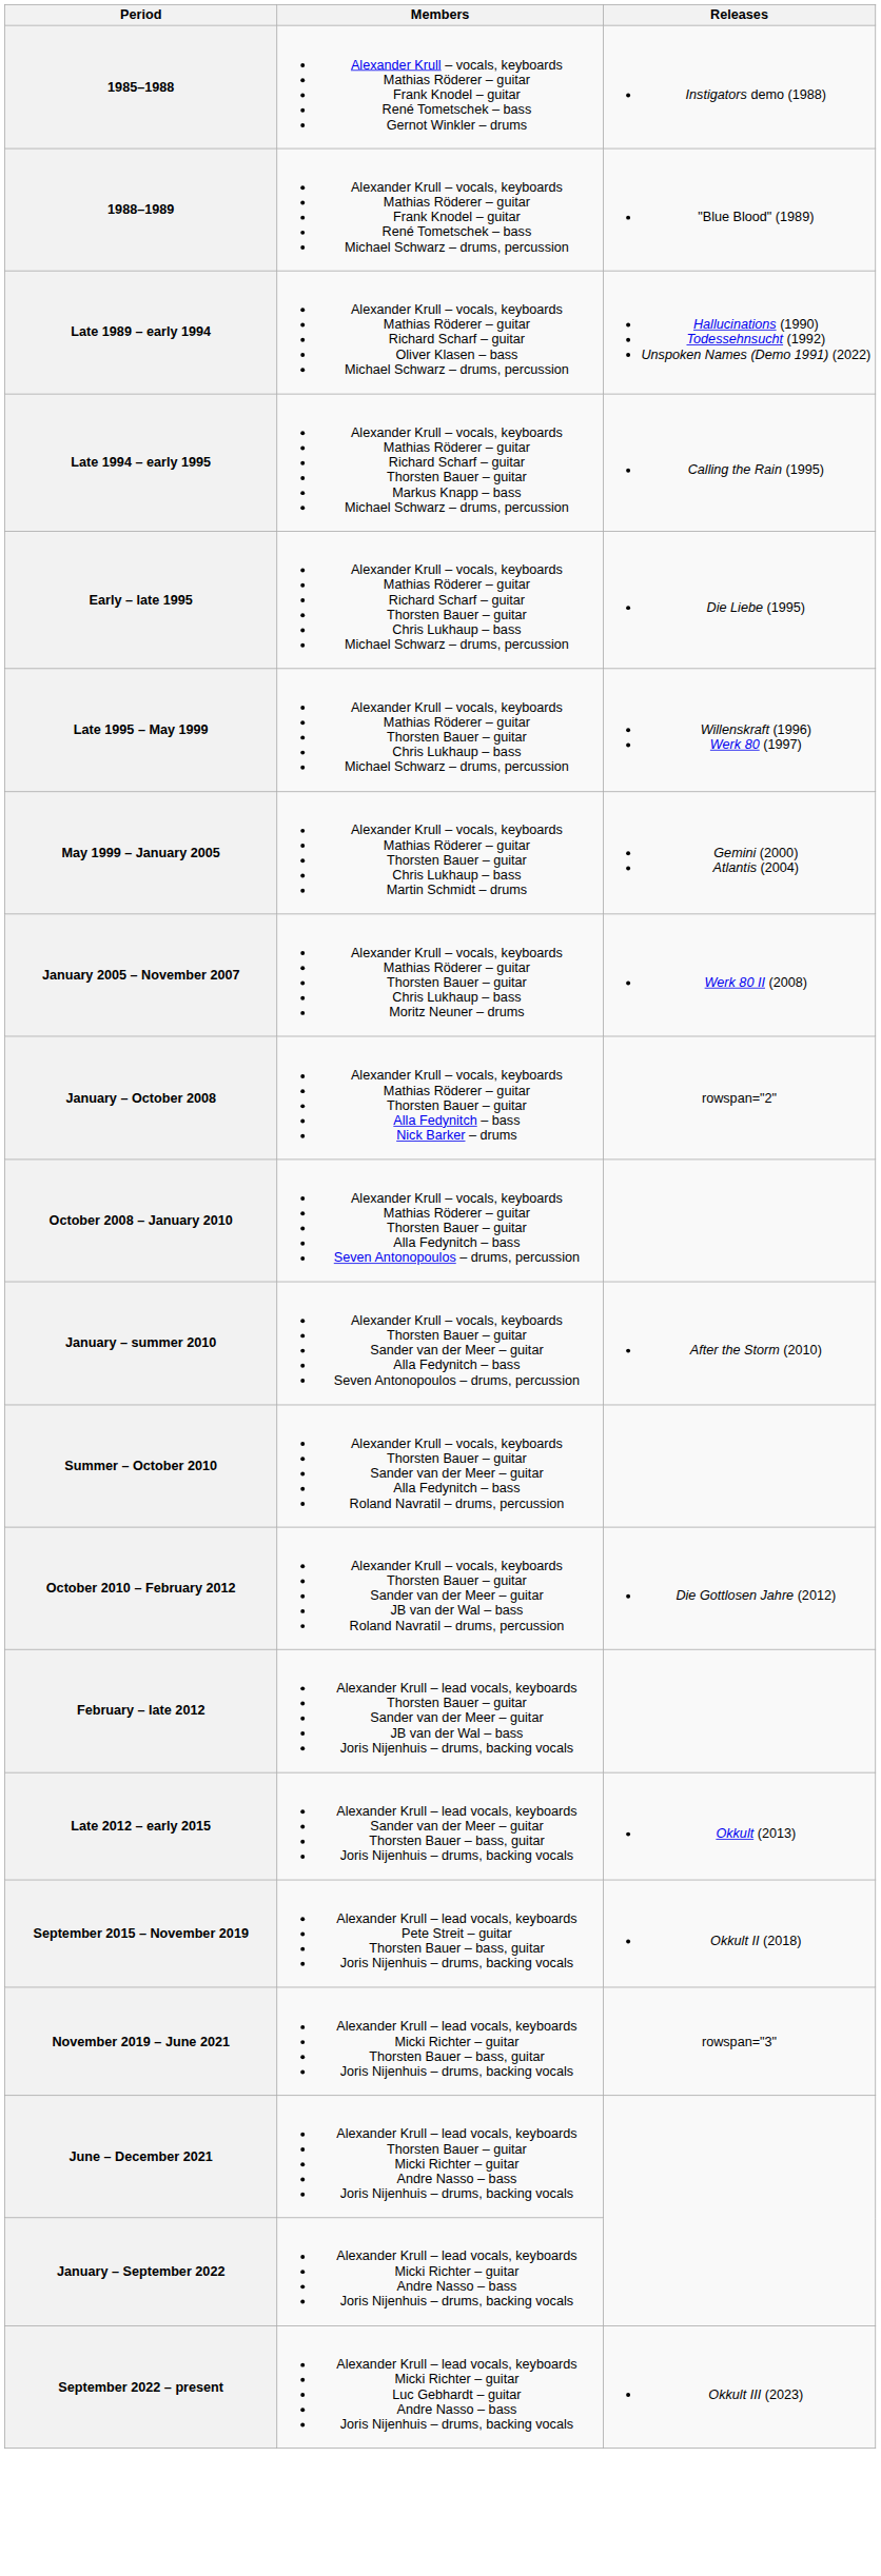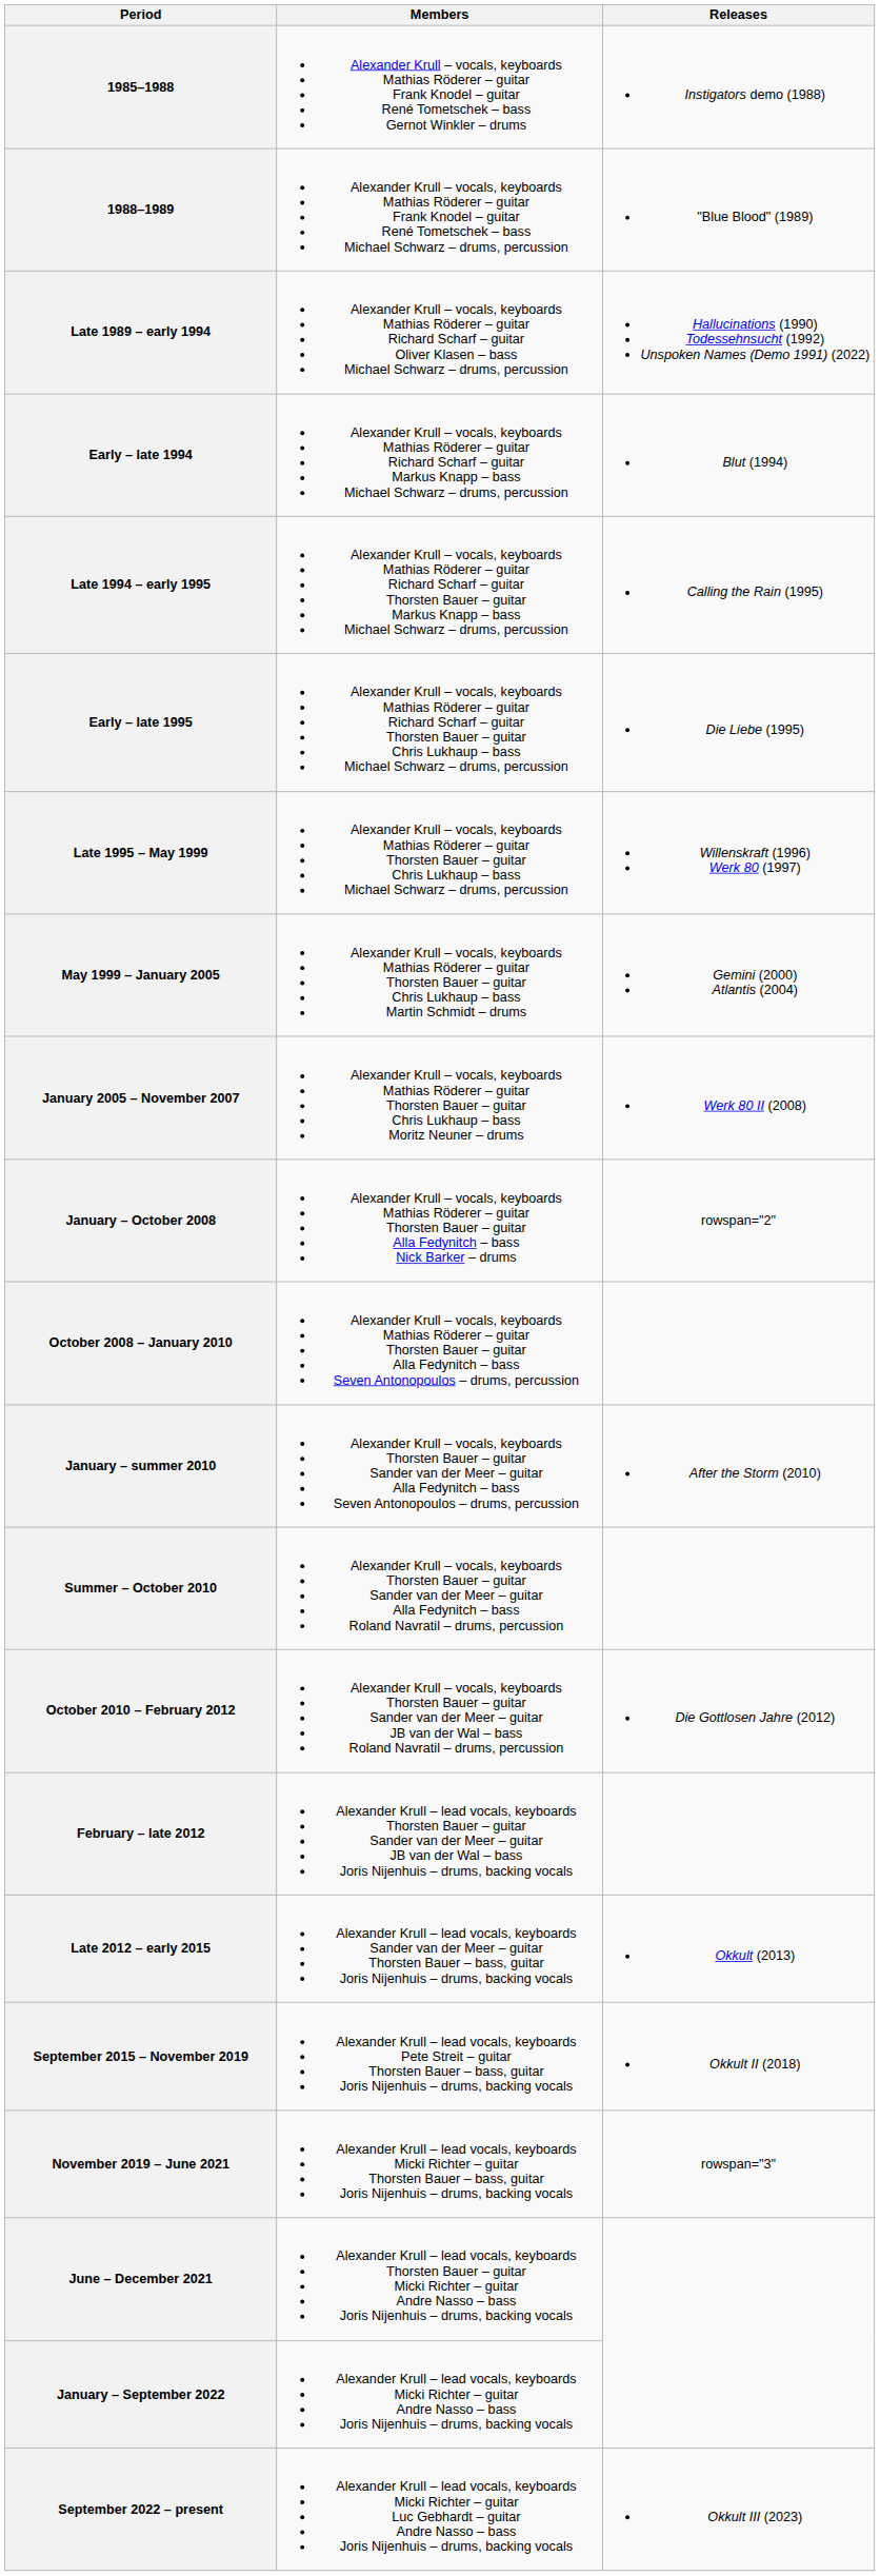 <table class="wikitable plainrowheaders" style="text-align:center;">
 <tr>
 <th scope="col" style="width:20em;">Period</th>
 <th scope="col" style="width:24em;">Members</th>
 <th scope="col" style="width:20em;">Releases</th>
 </tr>
 <tr>
 <th scope="col">1985–1988</th>
 <td><br><ul><li><a href='#'>Alexander Krull</a> – vocals, keyboards</li><li>Mathias Röderer – guitar</li><li>Frank Knodel – guitar</li><li>René Tometschek – bass</li><li>Gernot Winkler – drums</li></ul></td>
 <td><br><ul><li><em>Instigators</em> demo (1988)</li></ul></td>
 </tr>
 <tr>
 <th scope="col">1988–1989</th>
 <td><br><ul><li>Alexander Krull – vocals, keyboards</li><li>Mathias Röderer – guitar</li><li>Frank Knodel – guitar</li><li>René Tometschek – bass</li><li>Michael Schwarz – drums, percussion</li></ul></td>
 <td><br><ul><li>"Blue Blood" (1989)</li></ul></td>
 </tr>
 <tr>
 <th scope="col">Late 1989 – early 1994</th>
 <td><br><ul><li>Alexander Krull – vocals, keyboards</li><li>Mathias Röderer – guitar</li><li>Richard Scharf – guitar</li><li>Oliver Klasen – bass</li><li>Michael Schwarz – drums, percussion</li></ul></td>
 <td><br><ul><li><em><a href='#'>Hallucinations</a></em> (1990)</li><li><em><a href='#'>Todessehnsucht</a></em> (1992)</li><li><em>Unspoken Names (Demo 1991)</em> (2022)</li></ul></td>
+</tr>
+<tr>
+<th scope="col">Early – late 1994</th>
+<td><br><ul><li>Alexander Krull – vocals, keyboards</li><li>Mathias Röderer – guitar</li><li>Richard Scharf – guitar</li><li>Markus Knapp – bass</li><li>Michael Schwarz – drums, percussion</li></ul></td>
+<td><br><ul><li><em>Blut</em> (1994)</li></ul></td>
 </tr>
 <tr>
 <th scope="col">Late 1994 – early 1995</th>
 <td><br><ul><li>Alexander Krull – vocals, keyboards</li><li>Mathias Röderer – guitar</li><li>Richard Scharf – guitar</li><li>Thorsten Bauer – guitar</li><li>Markus Knapp – bass</li><li>Michael Schwarz – drums, percussion</li></ul></td>
 <td><br><ul><li><em>Calling the Rain</em> (1995)</li></ul></td>
 </tr>
 <tr>
 <th scope="col">Early – late 1995</th>
 <td><br><ul><li>Alexander Krull – vocals, keyboards</li><li>Mathias Röderer – guitar</li><li>Richard Scharf – guitar</li><li>Thorsten Bauer – guitar</li><li>Chris Lukhaup – bass</li><li>Michael Schwarz – drums, percussion</li></ul></td>
 <td><br><ul><li><em>Die Liebe</em> (1995)</li></ul></td>
 </tr>
 <tr>
 <th scope="col">Late 1995 – May 1999</th>
 <td><br><ul><li>Alexander Krull – vocals, keyboards</li><li>Mathias Röderer – guitar</li><li>Thorsten Bauer – guitar</li><li>Chris Lukhaup – bass</li><li>Michael Schwarz – drums, percussion</li></ul></td>
 <td><br><ul><li><em>Willenskraft</em> (1996)</li><li><em><a href='#'>Werk 80</a></em> (1997)</li></ul></td>
 </tr>
 <tr>
 <th scope="col">May 1999 – January 2005</th>
 <td><br><ul><li>Alexander Krull – vocals, keyboards</li><li>Mathias Röderer – guitar</li><li>Thorsten Bauer – guitar</li><li>Chris Lukhaup – bass</li><li>Martin Schmidt – drums</li></ul></td>
 <td><br><ul><li><em>Gemini</em> (2000)</li><li><em>Atlantis</em> (2004)</li></ul></td>
 </tr>
 <tr>
 <th scope="col">January 2005 – November 2007</th>
 <td><br><ul><li>Alexander Krull – vocals, keyboards</li><li>Mathias Röderer – guitar</li><li>Thorsten Bauer – guitar</li><li>Chris Lukhaup – bass</li><li>Moritz Neuner – drums</li></ul></td>
 <td><br><ul><li><em><a href='#'>Werk 80 II</a></em> (2008)</li></ul></td>
 </tr>
 <tr>
 <th scope="col">January – October 2008</th>
 <td><br><ul><li>Alexander Krull – vocals, keyboards</li><li>Mathias Röderer – guitar</li><li>Thorsten Bauer – guitar</li><li><a href='#'>Alla Fedynitch</a> – bass</li><li><a href='#'>Nick Barker</a> – drums</li></ul></td>
 <td>rowspan="2" </td>
 </tr>
 <tr>
 <th scope="col">October 2008 – January 2010</th>
 <td><br><ul><li>Alexander Krull – vocals, keyboards</li><li>Mathias Röderer – guitar</li><li>Thorsten Bauer – guitar</li><li>Alla Fedynitch – bass</li><li><a href='#'>Seven Antonopoulos</a> – drums, percussion</li></ul></td>
 </tr>
 <tr>
 <th scope="col">January – summer 2010</th>
 <td><br><ul><li>Alexander Krull – vocals, keyboards</li><li>Thorsten Bauer – guitar</li><li>Sander van der Meer – guitar</li><li>Alla Fedynitch – bass</li><li>Seven Antonopoulos – drums, percussion</li></ul></td>
 <td><br><ul><li><em>After the Storm</em> (2010)</li></ul></td>
 </tr>
 <tr>
 <th scope="col">Summer – October 2010</th>
 <td><br><ul><li>Alexander Krull – vocals, keyboards</li><li>Thorsten Bauer – guitar</li><li>Sander van der Meer – guitar</li><li>Alla Fedynitch – bass</li><li>Roland Navratil – drums, percussion</li></ul></td>
 <td></td>
 </tr>
 <tr>
 <th scope="col">October 2010 – February 2012</th>
 <td><br><ul><li>Alexander Krull – vocals, keyboards</li><li>Thorsten Bauer – guitar</li><li>Sander van der Meer – guitar</li><li>JB van der Wal – bass</li><li>Roland Navratil – drums, percussion</li></ul></td>
 <td><br><ul><li><em>Die Gottlosen Jahre</em> (2012)</li></ul></td>
 </tr>
 <tr>
 <th scope="col">February – late 2012</th>
 <td><br><ul><li>Alexander Krull – lead vocals, keyboards</li><li>Thorsten Bauer – guitar</li><li>Sander van der Meer – guitar</li><li>JB van der Wal – bass</li><li>Joris Nijenhuis – drums, backing vocals</li></ul></td>
 <td></td>
 </tr>
 <tr>
 <th scope="col">Late 2012 – early 2015</th>
 <td><br><ul><li>Alexander Krull – lead vocals, keyboards</li><li>Sander van der Meer – guitar</li><li>Thorsten Bauer – bass, guitar</li><li>Joris Nijenhuis – drums, backing vocals</li></ul></td>
 <td><br><ul><li><em><a href='#'>Okkult</a></em> (2013)</li></ul></td>
 </tr>
 <tr>
 <th scope="col">September 2015 – November 2019</th>
 <td><br><ul><li>Alexander Krull – lead vocals, keyboards</li><li>Pete Streit – guitar</li><li>Thorsten Bauer – bass, guitar</li><li>Joris Nijenhuis – drums, backing vocals</li></ul></td>
 <td><br><ul><li><em>Okkult II</em> (2018)</li></ul></td>
 </tr>
 <tr>
 <th scope="col">November 2019 – June 2021</th>
 <td><br><ul><li>Alexander Krull – lead vocals, keyboards</li><li>Micki Richter – guitar</li><li>Thorsten Bauer – bass, guitar</li><li>Joris Nijenhuis – drums, backing vocals</li></ul></td>
 <td>rowspan="3" </td>
 </tr>
 <tr>
 <th scope="col">June – December 2021</th>
 <td><br><ul><li>Alexander Krull – lead vocals, keyboards</li><li>Thorsten Bauer – guitar</li><li>Micki Richter – guitar</li><li>Andre Nasso – bass</li><li>Joris Nijenhuis – drums, backing vocals</li></ul></td>
 </tr>
 <tr>
 <th scope="col">January – September 2022</th>
 <td><br><ul><li>Alexander Krull – lead vocals, keyboards</li><li>Micki Richter – guitar</li><li>Andre Nasso – bass</li><li>Joris Nijenhuis – drums, backing vocals</li></ul></td>
 </tr>
 <tr>
 <th scope="col">September 2022 – present</th>
 <td><br><ul><li>Alexander Krull – lead vocals, keyboards</li><li>Micki Richter – guitar</li><li>Luc Gebhardt – guitar</li><li>Andre Nasso – bass</li><li>Joris Nijenhuis – drums, backing vocals</li></ul></td>
 <td><br><ul><li><em>Okkult III</em> (2023)</li></ul></td>
 </tr>
 </table>
